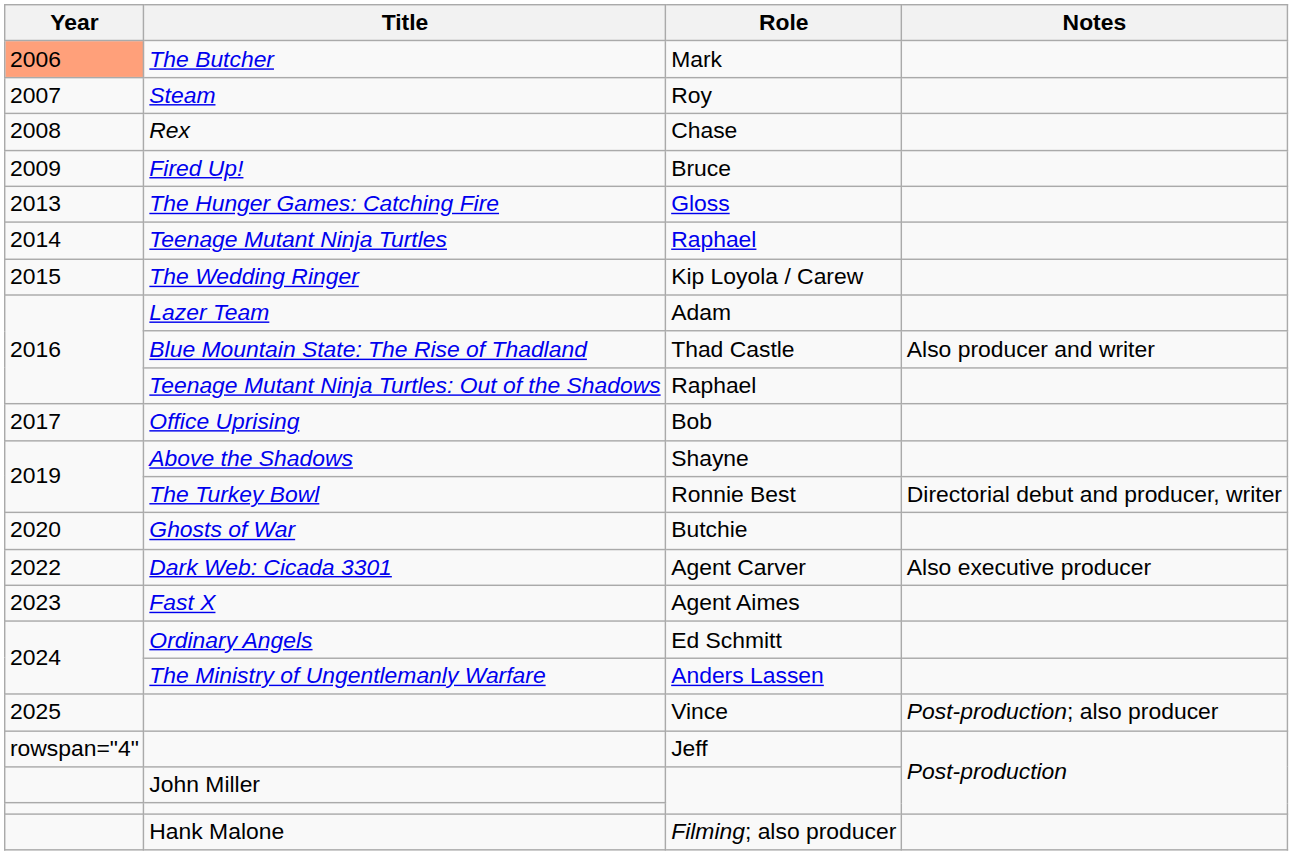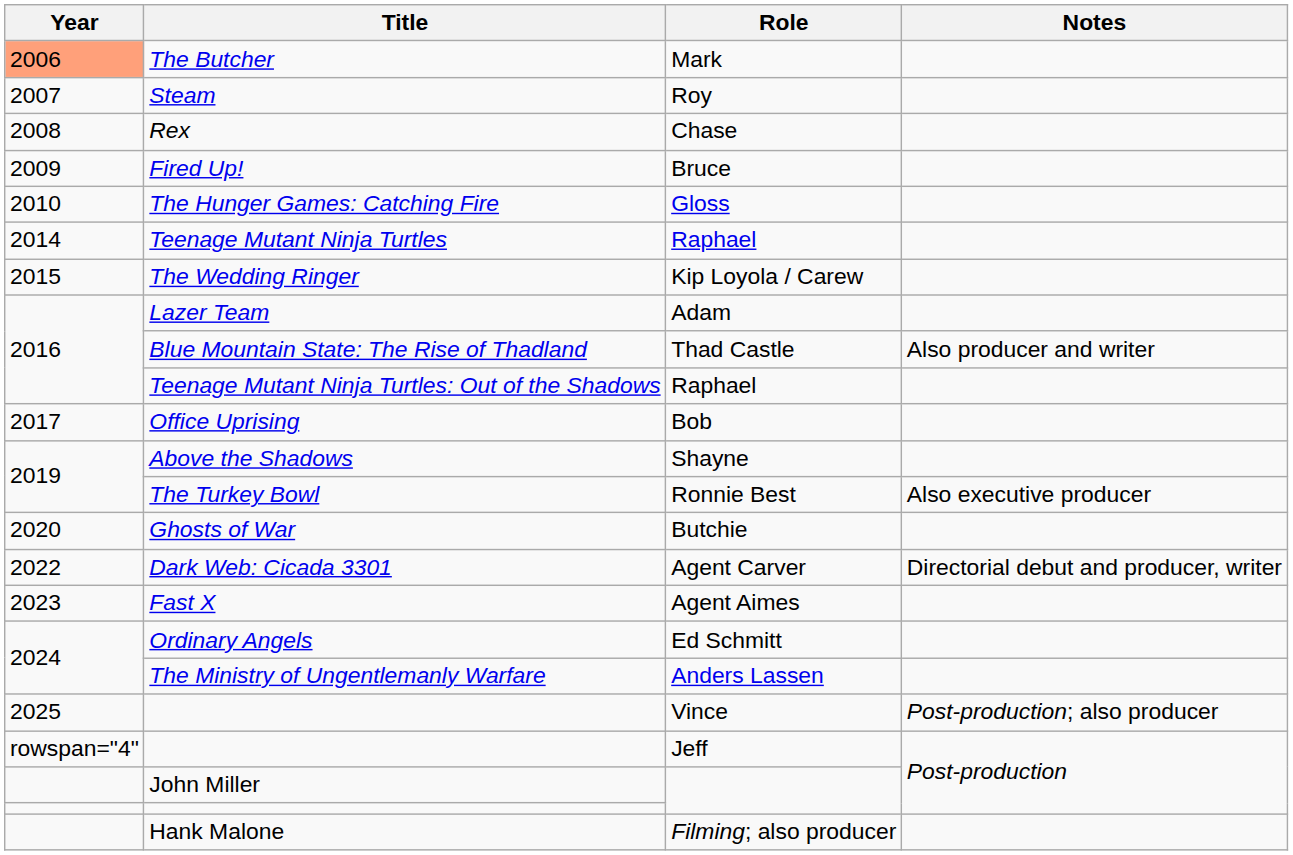 <table class="wikitable sortable to">
 <tr>
 <th>Year</th>
 <th>Title</th>
 <th>Role</th>
 <th class="unsortable">Notes</th>
 </tr>
 <tr>
 <td style="background: lightsalmon;">2006</td>
 <td><em><a href='#'>The Butcher</a></em></td>
 <td>Mark</td>
 <td></td>
 </tr>
 <tr>
 <td>2007</td>
 <td><em><a href='#'>Steam</a></em></td>
 <td>Roy</td>
 <td></td>
 </tr>
 <tr>
 <td>2008</td>
 <td><em>Rex</em></td>
 <td>Chase</td>
 <td></td>
 </tr>
 <tr>
 <td>2009</td>
 <td><em><a href='#'>Fired Up!</a></em></td>
 <td>Bruce</td>
 <td></td>
 </tr>
 <tr>
-<td>2013</td>
+<td>2010</td>
 <td><em><a href='#'>The Hunger Games: Catching Fire</a></em></td>
 <td><a href='#'>Gloss</a></td>
 <td></td>
 </tr>
 <tr>
 <td>2014</td>
 <td><em><a href='#'>Teenage Mutant Ninja Turtles</a></em></td>
 <td><a href='#'>Raphael</a></td>
 <td></td>
 </tr>
 <tr>
 <td>2015</td>
 <td><em><a href='#'>The Wedding Ringer</a></em></td>
 <td>Kip Loyola / Carew</td>
 <td></td>
 </tr>
 <tr>
 <td rowspan="3">2016</td>
 <td><em><a href='#'>Lazer Team</a></em></td>
 <td>Adam</td>
 <td></td>
 </tr>
 <tr>
 <td><em><a href='#'>Blue Mountain State: The Rise of Thadland</a></em></td>
 <td>Thad Castle</td>
 <td>Also producer and writer</td>
 </tr>
 <tr>
 <td><em><a href='#'>Teenage Mutant Ninja Turtles: Out of the Shadows</a></em></td>
 <td>Raphael</td>
 <td></td>
 </tr>
 <tr>
 <td>2017</td>
 <td><em><a href='#'>Office Uprising</a></em></td>
 <td>Bob</td>
 <td></td>
 </tr>
 <tr>
 <td rowspan="2">2019</td>
 <td><em><a href='#'>Above the Shadows</a></em></td>
 <td>Shayne</td>
 <td></td>
 </tr>
 <tr>
 <td><em><a href='#'>The Turkey Bowl</a></em></td>
 <td>Ronnie Best</td>
-<td>Directorial debut and producer, writer</td>
+<td>Also executive producer</td>
 </tr>
 <tr>
 <td>2020</td>
 <td><em><a href='#'>Ghosts of War</a></em></td>
 <td>Butchie</td>
 <td></td>
 </tr>
 <tr>
 <td>2022</td>
 <td><em><a href='#'>Dark Web: Cicada 3301</a></em></td>
 <td>Agent Carver</td>
-<td>Also executive producer</td>
+<td>Directorial debut and producer, writer</td>
 </tr>
 <tr>
 <td>2023</td>
 <td><em><a href='#'>Fast X</a></em></td>
 <td>Agent Aimes</td>
 <td></td>
 </tr>
 <tr>
 <td rowspan="2">2024</td>
 <td><em><a href='#'>Ordinary Angels</a></em></td>
 <td>Ed Schmitt</td>
 <td></td>
 </tr>
 <tr>
 <td><em><a href='#'>The Ministry of Ungentlemanly Warfare</a></em></td>
 <td><a href='#'>Anders Lassen</a></td>
 <td></td>
 </tr>
 <tr>
 <td>2025</td>
 <td></td>
 <td>Vince</td>
 <td><em>Post-production</em>; also producer</td>
 </tr>
 <tr>
 <td>rowspan="4" </td>
 <td></td>
 <td>Jeff</td>
 <td rowspan="3"><em>Post-production</em></td>
 </tr>
 <tr>
 <td></td>
 <td>John Miller</td>
 </tr>
 <tr>
 <td></td>
 <td></td>
 </tr>
 <tr>
 <td></td>
 <td>Hank Malone</td>
 <td><em>Filming</em>; also producer</td>
 </tr>
 </table>
